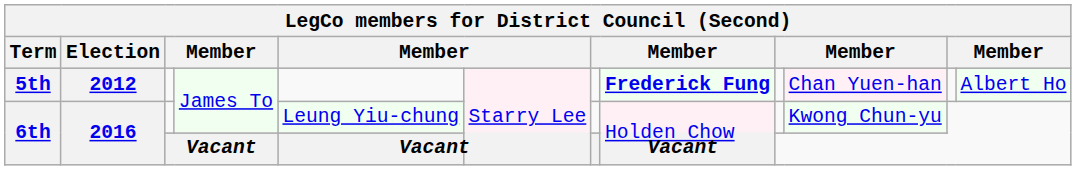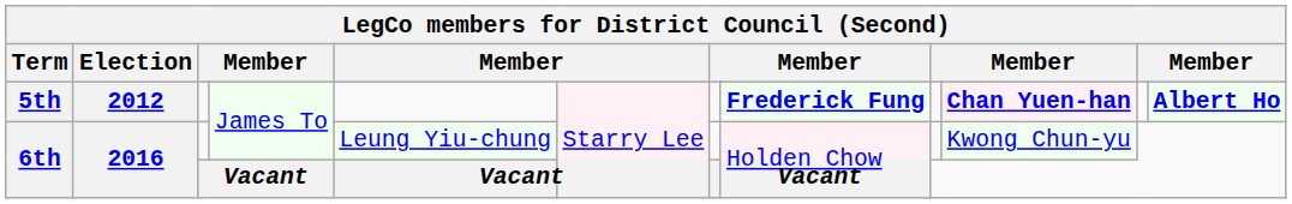 <table class="wikitable" style="text-align:left;">
 <tr>
 <th colspan = 12>LegCo members for District Council (Second)</th>
 </tr>
 <tr>
 <th>Term</th>
 <th>Election</th>
 <th colspan="2">Member</th>
 <th colspan="2">Member</th>
 <th colspan="2">Member</th>
 <th colspan="2">Member</th>
 <th colspan="2">Member</th>
 </tr>
 <tr>
 <th><a href='#'>5th</a></th>
 <th><a href='#'>2012</a></th>
 <td></td>
 <td bgcolor=Honeydew rowspan=2><a href='#'>James To</a> <br></td>
 <td></td>
 <td bgcolor=LavenderBlush rowspan=3><a href='#'>Starry Lee</a> <br></td>
 <td></td>
 <td bgcolor=Honeydew><strong><a href='#'>Frederick Fung</a> <br></strong></td>
 <td></td>
-<td bgcolor=LavenderBlush><a href='#'>Chan Yuen-han</a> <br></td>
+<td bgcolor=LavenderBlush><strong><a href='#'>Chan Yuen-han</a> <br></strong></td>
 <td></td>
-<td bgcolor=Honeydew><a href='#'>Albert Ho</a> <br></td>
+<td bgcolor=Honeydew><strong><a href='#'>Albert Ho</a> <br></strong></td>
 </tr>
 <tr>
 <th rowspan=2><a href='#'>6th</a></th>
 <th rowspan=2><a href='#'>2016</a></th>
 <td></td>
 <td bgcolor=Honeydew><a href='#'>Leung Yiu-chung</a> <br></td>
 <td></td>
 <td bgcolor=LavenderBlush rowspan=2><a href='#'>Holden Chow</a> <br></td>
 <td></td>
 <td bgcolor=Honeydew><a href='#'>Kwong Chun-yu</a> <br></td>
 </tr>
 <tr>
 <th colspan=2><em>Vacant</em></th>
 <th colspan=2><em>Vacant</em></th>
 <th colspan=2><em>Vacant</em></th>
 </tr>
 </table>
